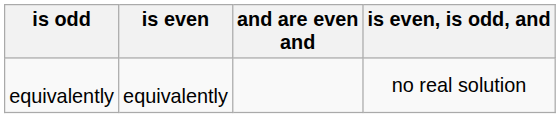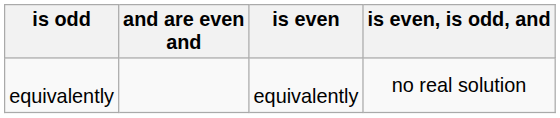 <table class="wikitable" style="text-align:center">
 <tr style="vertical-align:top">
 <th> is odd</th>
+<th> <strong>and</strong>  are <strong>even</strong><br><strong>and</strong></th>
 <th> is even<br></th>
-<th> <strong>and</strong>  are <strong>even</strong><br><strong>and</strong></th>
 <th> <strong>is even</strong>,  <strong>is odd</strong>, <strong>and</strong></th>
 </tr>
 <tr>
 <td><br>equivalently</td>
+<td></td>
 <td><br>equivalently</td>
-<td></td>
 <td>no real solution</td>
 </tr>
 </table>
